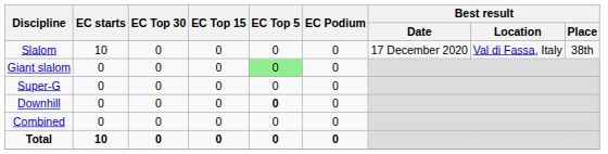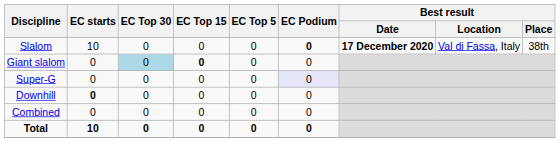 <table class="wikitable" style="text-align:center; font-size:95%;">
 <tr>
 <th rowspan=2>Discipline</th>
 <th rowspan=2>EC starts</th>
 <th rowspan=2>EC Top 30</th>
 <th rowspan=2>EC Top 15</th>
 <th rowspan=2>EC Top 5</th>
 <th rowspan=2>EC Podium</th>
 <th colspan=3>Best result</th>
 </tr>
 <tr>
 <th>Date</th>
 <th>Location</th>
 <th>Place</th>
 </tr>
 <tr>
 <td align=center><a href='#'>Slalom</a></td>
 <td align=center>10</td>
 <td align=center>0</td>
 <td align=center>0</td>
 <td align=center>0</td>
-<td align=center>0</td>
-<td align=left>17 December 2020</td>
+<td align=center><strong>0</strong></td>
+<td align=left><strong>17 December 2020</strong></td>
 <td align=left> <a href='#'>Val di Fassa</a>, Italy</td>
 <td>38th</td>
 </tr>
 <tr>
 <td align=center><a href='#'>Giant slalom</a></td>
 <td align=center>0</td>
+<td align=center style="background: lightblue;">0</td>
+<td align=center><strong>0</strong></td>
 <td align=center>0</td>
-<td align=center>0</td>
-<td align=center style="background: lightgreen;">0</td>
 <td align=center>0</td>
 <td colspan=3 bgcolor=#DCDCDC></td>
 </tr>
 <tr>
 <td align=center><a href='#'>Super-G</a></td>
 <td align=center>0</td>
 <td align=center>0</td>
 <td align=center>0</td>
 <td align=center>0</td>
-<td align=center>0</td>
+<td align=center style="background: lavender;">0</td>
 <td colspan=3 bgcolor=#DCDCDC></td>
 </tr>
 <tr>
 <td align=center><a href='#'>Downhill</a></td>
+<td align=center><strong>0</strong></td>
 <td align=center>0</td>
 <td align=center>0</td>
 <td align=center>0</td>
-<td align=center><strong>0</strong></td>
 <td align=center>0</td>
 <td colspan=3 bgcolor=#DCDCDC></td>
 </tr>
 <tr>
 <td align=center><a href='#'>Combined</a></td>
 <td align=center>0</td>
 <td align=center>0</td>
 <td align=center>0</td>
 <td align=center>0</td>
 <td align=center>0</td>
 <td colspan=3 bgcolor=#DCDCDC></td>
 </tr>
 <tr>
 <td align=center><strong>Total</strong></td>
 <td align=center><strong>10</strong></td>
 <td align=center><strong>0</strong></td>
 <td align=center><strong>0</strong></td>
 <td align=center><strong>0</strong></td>
 <td align=center><strong>0</strong></td>
 <td colspan=3 bgcolor=#DCDCDC></td>
 </tr>
 <tr>
 </tr>
 </table>
